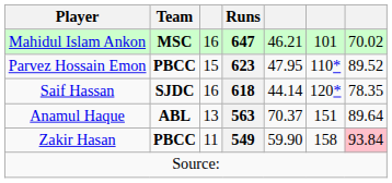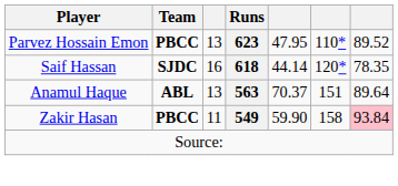 <table class="wikitable sortable" style="text-align:center">
 <tr>
 <th class="unsortable">Player</th>
 <th>Team</th>
 <th></th>
 <th>Runs</th>
 <th></th>
 <th></th>
 <th></th>
 </tr>
-<tr style="background:#cfc">
-<td><a href='#'>Mahidul Islam Ankon</a></td>
-<td><strong>MSC</strong></td>
-<td>16</td>
-<th style="background:#cfc">647</th>
-<td>46.21</td>
-<td>101</td>
-<td>70.02</td>
-</tr>
 <tr>
 <td><a href='#'>Parvez Hossain Emon</a></td>
 <td><strong>PBCC</strong></td>
-<td>15</td>
+<td>13</td>
 <th>623</th>
 <td>47.95</td>
 <td>110<a href='#'>*</a></td>
 <td>89.52</td>
 </tr>
 <tr>
 <td><a href='#'>Saif Hassan</a></td>
 <td><strong>SJDC</strong></td>
 <td>16</td>
 <th>618</th>
 <td>44.14</td>
 <td>120<a href='#'>*</a></td>
 <td>78.35</td>
 </tr>
 <tr>
 <td><a href='#'>Anamul Haque</a></td>
 <td><strong>ABL</strong></td>
 <td>13</td>
 <th>563</th>
 <td>70.37</td>
 <td>151</td>
 <td>89.64</td>
 </tr>
 <tr>
 <td><a href='#'>Zakir Hasan</a></td>
 <td><strong>PBCC</strong></td>
 <td>11</td>
 <th>549</th>
 <td>59.90</td>
 <td>158</td>
 <td style="background: pink;">93.84</td>
 </tr>
 <tr>
 <td colspan="7">Source: </td>
 </tr>
 </table>
